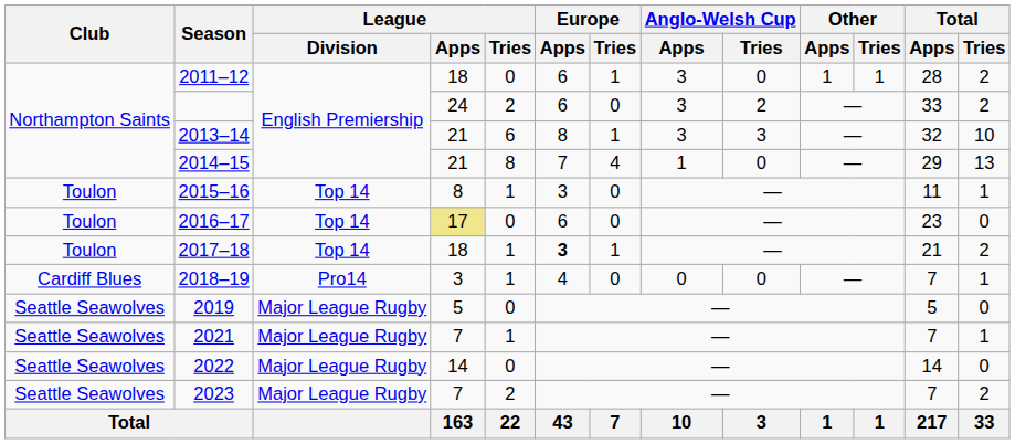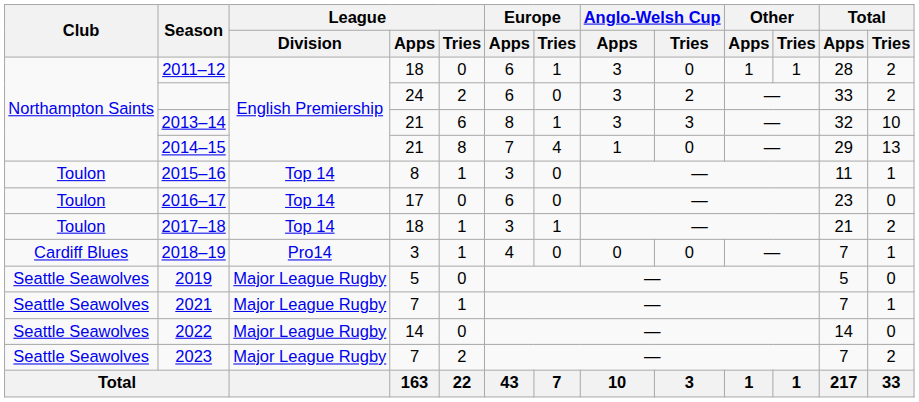 <table class="wikitable" style="text-align:center">
 <tr>
 <th rowspan="2">Club</th>
 <th rowspan="2">Season</th>
 <th colspan="3">League</th>
 <th colspan="2">Europe</th>
 <th colspan="2"><a href='#'>Anglo-Welsh Cup</a></th>
 <th colspan="2">Other</th>
 <th colspan="2">Total</th>
 </tr>
 <tr>
 <th>Division</th>
 <th>Apps</th>
 <th>Tries</th>
 <th>Apps</th>
 <th>Tries</th>
 <th>Apps</th>
 <th>Tries</th>
 <th>Apps</th>
 <th>Tries</th>
 <th>Apps</th>
 <th>Tries</th>
 </tr>
 <tr>
 <td rowspan="4"><a href='#'>Northampton Saints</a></td>
 <td><a href='#'>2011–12</a></td>
 <td rowspan="4"><a href='#'>English Premiership</a></td>
 <td>18</td>
 <td>0</td>
 <td>6</td>
 <td>1</td>
 <td>3</td>
 <td>0</td>
 <td>1</td>
 <td>1</td>
 <td>28</td>
 <td>2</td>
 </tr>
 <tr>
 <td></td>
 <td>24</td>
 <td>2</td>
 <td>6</td>
 <td>0</td>
 <td>3</td>
 <td>2</td>
 <td colspan="2">—</td>
 <td>33</td>
 <td>2</td>
 </tr>
 <tr>
 <td><a href='#'>2013–14</a></td>
 <td>21</td>
 <td>6</td>
 <td>8</td>
 <td>1</td>
 <td>3</td>
 <td>3</td>
 <td colspan="2">—</td>
 <td>32</td>
 <td>10</td>
 </tr>
 <tr>
 <td><a href='#'>2014–15</a></td>
 <td>21</td>
 <td>8</td>
 <td>7</td>
 <td>4</td>
 <td>1</td>
 <td>0</td>
 <td colspan="2">—</td>
 <td>29</td>
 <td>13</td>
 </tr>
 <tr>
 <td><a href='#'>Toulon</a></td>
 <td><a href='#'>2015–16</a></td>
 <td><a href='#'>Top 14</a></td>
 <td>8</td>
 <td>1</td>
 <td>3</td>
 <td>0</td>
 <td colspan="4">—</td>
 <td>11</td>
 <td>1</td>
 </tr>
 <tr>
 <td><a href='#'>Toulon</a></td>
 <td><a href='#'>2016–17</a></td>
 <td><a href='#'>Top 14</a></td>
-<td style="background: khaki;">17</td>
+<td>17</td>
 <td>0</td>
 <td>6</td>
 <td>0</td>
 <td colspan="4">—</td>
 <td>23</td>
 <td>0</td>
 </tr>
 <tr>
 <td><a href='#'>Toulon</a></td>
 <td><a href='#'>2017–18</a></td>
 <td><a href='#'>Top 14</a></td>
 <td>18</td>
 <td>1</td>
-<td><strong>3</strong></td>
+<td>3</td>
 <td>1</td>
 <td colspan="4">—</td>
 <td>21</td>
 <td>2</td>
 </tr>
 <tr>
 <td><a href='#'>Cardiff Blues</a></td>
 <td><a href='#'>2018–19</a></td>
 <td><a href='#'>Pro14</a></td>
 <td>3</td>
 <td>1</td>
 <td>4</td>
 <td>0</td>
 <td>0</td>
 <td>0</td>
 <td colspan="2">—</td>
 <td>7</td>
 <td>1</td>
 </tr>
 <tr>
 <td><a href='#'>Seattle Seawolves</a></td>
 <td><a href='#'>2019</a></td>
 <td><a href='#'>Major League Rugby</a></td>
 <td>5</td>
 <td>0</td>
 <td colspan="6">—</td>
 <td>5</td>
 <td>0</td>
 </tr>
 <tr>
 <td><a href='#'>Seattle Seawolves</a></td>
 <td><a href='#'>2021</a></td>
 <td><a href='#'>Major League Rugby</a></td>
 <td>7</td>
 <td>1</td>
 <td colspan="6">—</td>
 <td>7</td>
 <td>1</td>
 </tr>
 <tr>
 <td><a href='#'>Seattle Seawolves</a></td>
 <td><a href='#'>2022</a></td>
 <td><a href='#'>Major League Rugby</a></td>
 <td>14</td>
 <td>0</td>
 <td colspan="6">—</td>
 <td>14</td>
 <td>0</td>
 </tr>
 <tr>
 <td><a href='#'>Seattle Seawolves</a></td>
 <td><a href='#'>2023</a></td>
 <td><a href='#'>Major League Rugby</a></td>
 <td>7</td>
 <td>2</td>
 <td colspan="6">—</td>
 <td>7</td>
 <td>2</td>
 </tr>
 <tr>
 <th colspan="2">Total</th>
 <th></th>
 <th>163</th>
 <th>22</th>
 <th>43</th>
 <th>7</th>
 <th>10</th>
 <th>3</th>
 <th>1</th>
 <th>1</th>
 <th>217</th>
 <th>33</th>
 </tr>
 </table>
